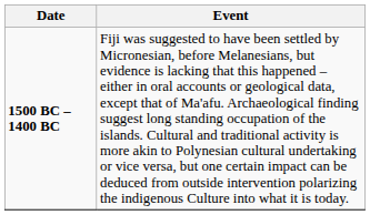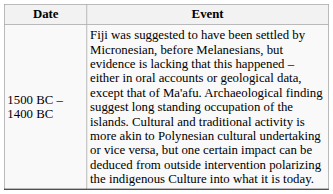 <table class="wikitable" style="width: 65%; border:1px solid; padding=2; border-spacing: 0;">
 <tr>
 <th style="width: 6em;">Date</th>
 <th>Event</th>
 </tr>
 <tr>
-<td><strong>1500 BC – 1400 BC</strong></td>
+<td>1500 BC – 1400 BC</td>
 <td>Fiji was suggested to have been settled by Micronesian, before Melanesians, but evidence is lacking that this happened – either in oral accounts or geological data, except that of Ma'afu. Archaeological finding suggest long standing occupation of the islands. Cultural and traditional activity is more akin to Polynesian cultural undertaking or vice versa, but one certain impact can be deduced from outside intervention polarizing the indigenous Culture into what it is today.</td>
 </tr>
 <tr>
 </tr>
 </table>
